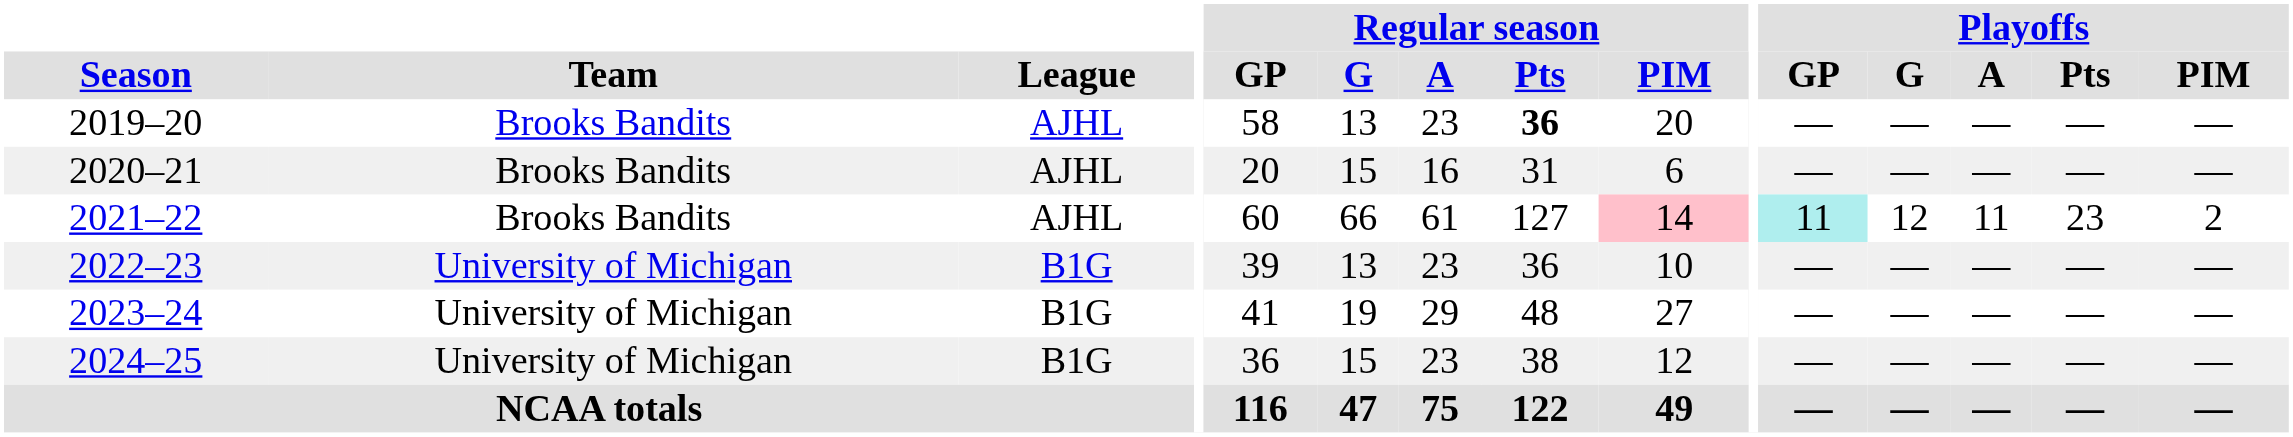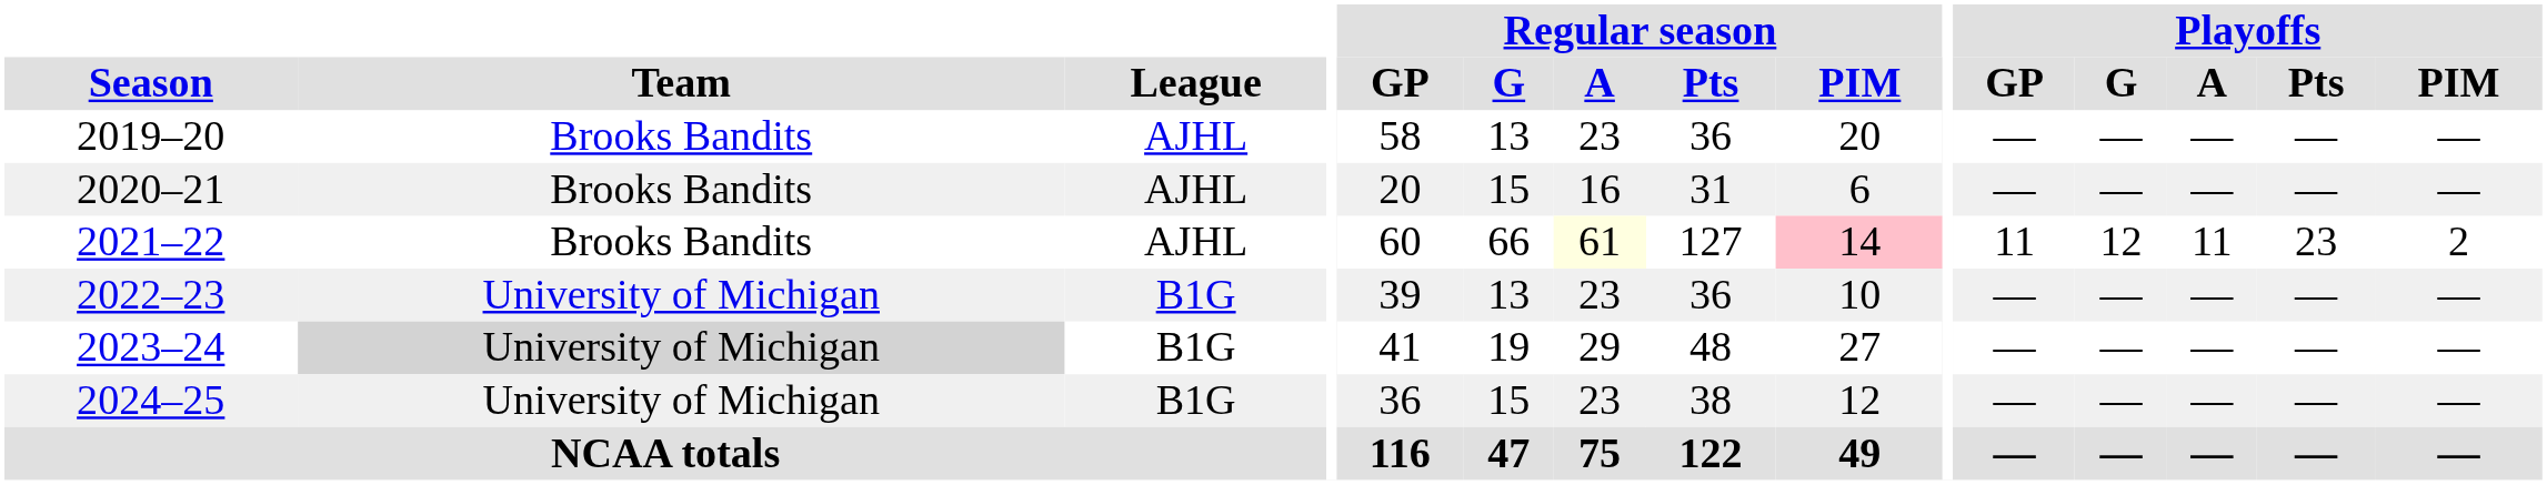 <table border="0" cellpadding="1" cellspacing="0" style="text-align:center; width:60em;">
 <tr bgcolor="#e0e0e0">
 <th colspan="3" bgcolor="#ffffff"></th>
 <th rowspan="100" bgcolor="#ffffff"></th>
 <th colspan="5"><a href='#'>Regular season</a></th>
 <th rowspan="100" bgcolor="#ffffff"></th>
 <th colspan="5"><a href='#'>Playoffs</a></th>
 </tr>
 <tr bgcolor="#e0e0e0">
 <th><a href='#'>Season</a></th>
 <th>Team</th>
 <th>League</th>
 <th>GP</th>
 <th><a href='#'>G</a></th>
 <th><a href='#'>A</a></th>
 <th><a href='#'>Pts</a></th>
 <th><a href='#'>PIM</a></th>
 <th>GP</th>
 <th>G</th>
 <th>A</th>
 <th>Pts</th>
 <th>PIM</th>
 </tr>
 <tr>
 <td>2019–20</td>
 <td><a href='#'>Brooks Bandits</a></td>
 <td><a href='#'>AJHL</a></td>
 <td>58</td>
 <td>13</td>
 <td>23</td>
-<td><strong>36</strong></td>
+<td>36</td>
 <td>20</td>
 <td>—</td>
 <td>—</td>
 <td>—</td>
 <td>—</td>
 <td>—</td>
 </tr>
 <tr bgcolor="#f0f0f0">
 <td>2020–21</td>
 <td>Brooks Bandits</td>
 <td>AJHL</td>
 <td>20</td>
 <td>15</td>
 <td>16</td>
 <td>31</td>
 <td>6</td>
 <td>—</td>
 <td>—</td>
 <td>—</td>
 <td>—</td>
 <td>—</td>
 </tr>
 <tr>
 <td><a href='#'>2021–22</a></td>
 <td>Brooks Bandits</td>
 <td>AJHL</td>
 <td>60</td>
 <td>66</td>
-<td>61</td>
+<td style="background: lightyellow;">61</td>
 <td>127</td>
 <td style="background: pink;">14</td>
-<td style="background: paleturquoise;">11</td>
+<td>11</td>
 <td>12</td>
 <td>11</td>
 <td>23</td>
 <td>2</td>
 </tr>
 <tr bgcolor="#f0f0f0">
 <td><a href='#'>2022–23</a></td>
 <td><a href='#'>University of Michigan</a></td>
 <td><a href='#'>B1G</a></td>
 <td>39</td>
 <td>13</td>
 <td>23</td>
 <td>36</td>
 <td>10</td>
 <td>—</td>
 <td>—</td>
 <td>—</td>
 <td>—</td>
 <td>—</td>
 </tr>
 <tr>
 <td><a href='#'>2023–24</a></td>
-<td>University of Michigan</td>
+<td style="background: lightgrey;">University of Michigan</td>
 <td>B1G</td>
 <td>41</td>
 <td>19</td>
 <td>29</td>
 <td>48</td>
 <td>27</td>
 <td>—</td>
 <td>—</td>
 <td>—</td>
 <td>—</td>
 <td>—</td>
 </tr>
 <tr bgcolor="#f0f0f0">
 <td><a href='#'>2024–25</a></td>
 <td>University of Michigan</td>
 <td>B1G</td>
 <td>36</td>
 <td>15</td>
 <td>23</td>
 <td>38</td>
 <td>12</td>
 <td>—</td>
 <td>—</td>
 <td>—</td>
 <td>—</td>
 <td>—</td>
 </tr>
 <tr bgcolor="#e0e0e0">
 <th colspan="3">NCAA totals</th>
 <th>116</th>
 <th>47</th>
 <th>75</th>
 <th>122</th>
 <th>49</th>
 <th>—</th>
 <th>—</th>
 <th>—</th>
 <th>—</th>
 <th>—</th>
 </tr>
 </table>
